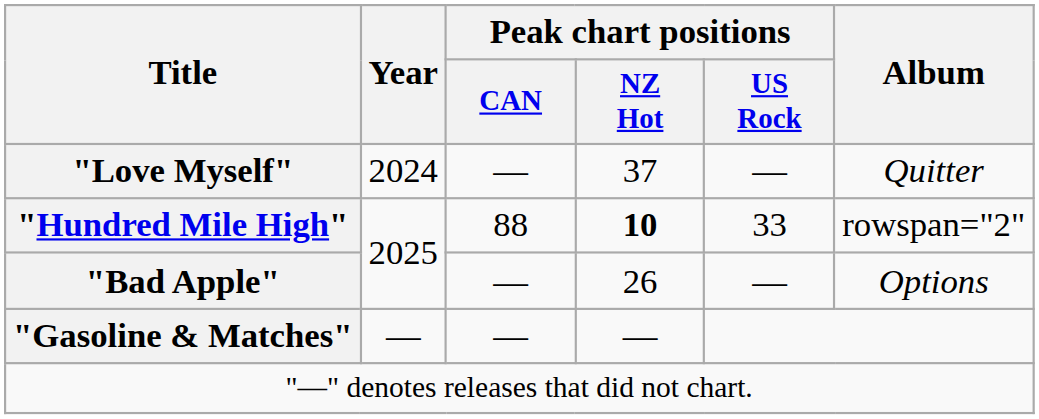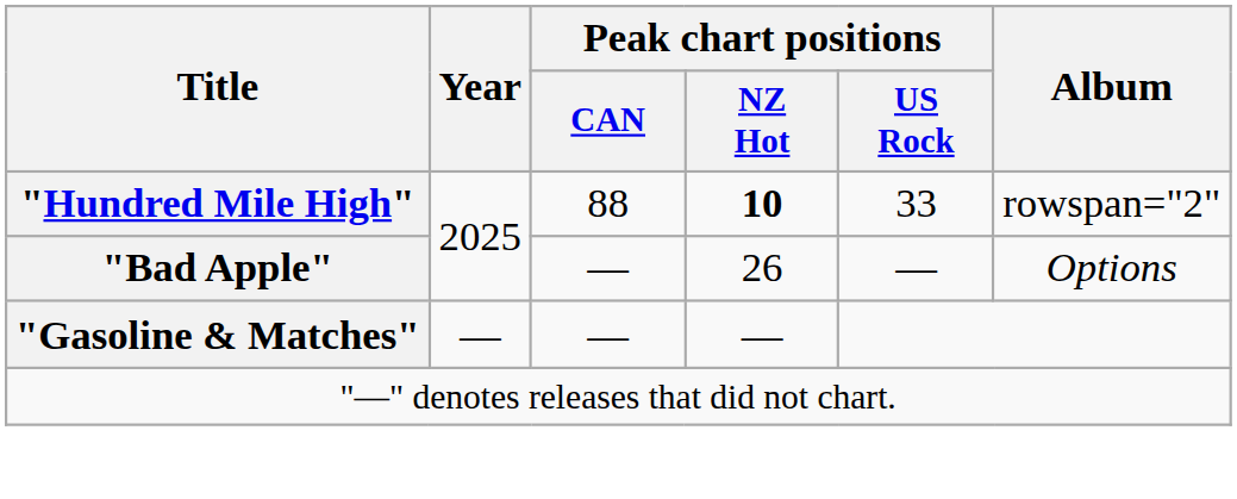 <table class="wikitable plainrowheaders" style="text-align:center;">
 <tr>
 <th scope="col" rowspan="2">Title</th>
 <th scope="col" rowspan="2">Year</th>
 <th scope="col" colspan="3">Peak chart positions</th>
 <th scope="col" rowspan="2">Album</th>
 </tr>
 <tr style="font-size:smaller;">
 <th scope="col" style="width:4em;"><a href='#'>CAN</a><br></th>
 <th scope="col" style="width:4em;"><a href='#'>NZ<br>Hot</a><br></th>
 <th scope="col" style="width:4em;"><a href='#'>US<br>Rock</a><br></th>
-</tr>
-<tr>
-<th scope="row">"Love Myself"</th>
-<td>2024</td>
-<td>—</td>
-<td>37</td>
-<td>—</td>
-<td><em>Quitter</em></td>
 </tr>
 <tr>
 <th scope="row">"<a href='#'>Hundred Mile High</a>"</th>
 <td rowspan="2">2025</td>
 <td>88</td>
 <td><strong>10</strong></td>
 <td>33</td>
 <td>rowspan="2" </td>
 </tr>
 <tr>
 <th scope="row">"Bad Apple"</th>
 <td>—</td>
 <td>26</td>
 <td>—</td>
 <td><em>Options</em></td>
 </tr>
 <tr>
 <th scope="row">"Gasoline & Matches"</th>
 <td>—</td>
 <td>—</td>
 <td>—</td>
 </tr>
 <tr>
 <td colspan="6" style="font-size:85%">"—" denotes releases that did not chart.</td>
 </tr>
 </table>
